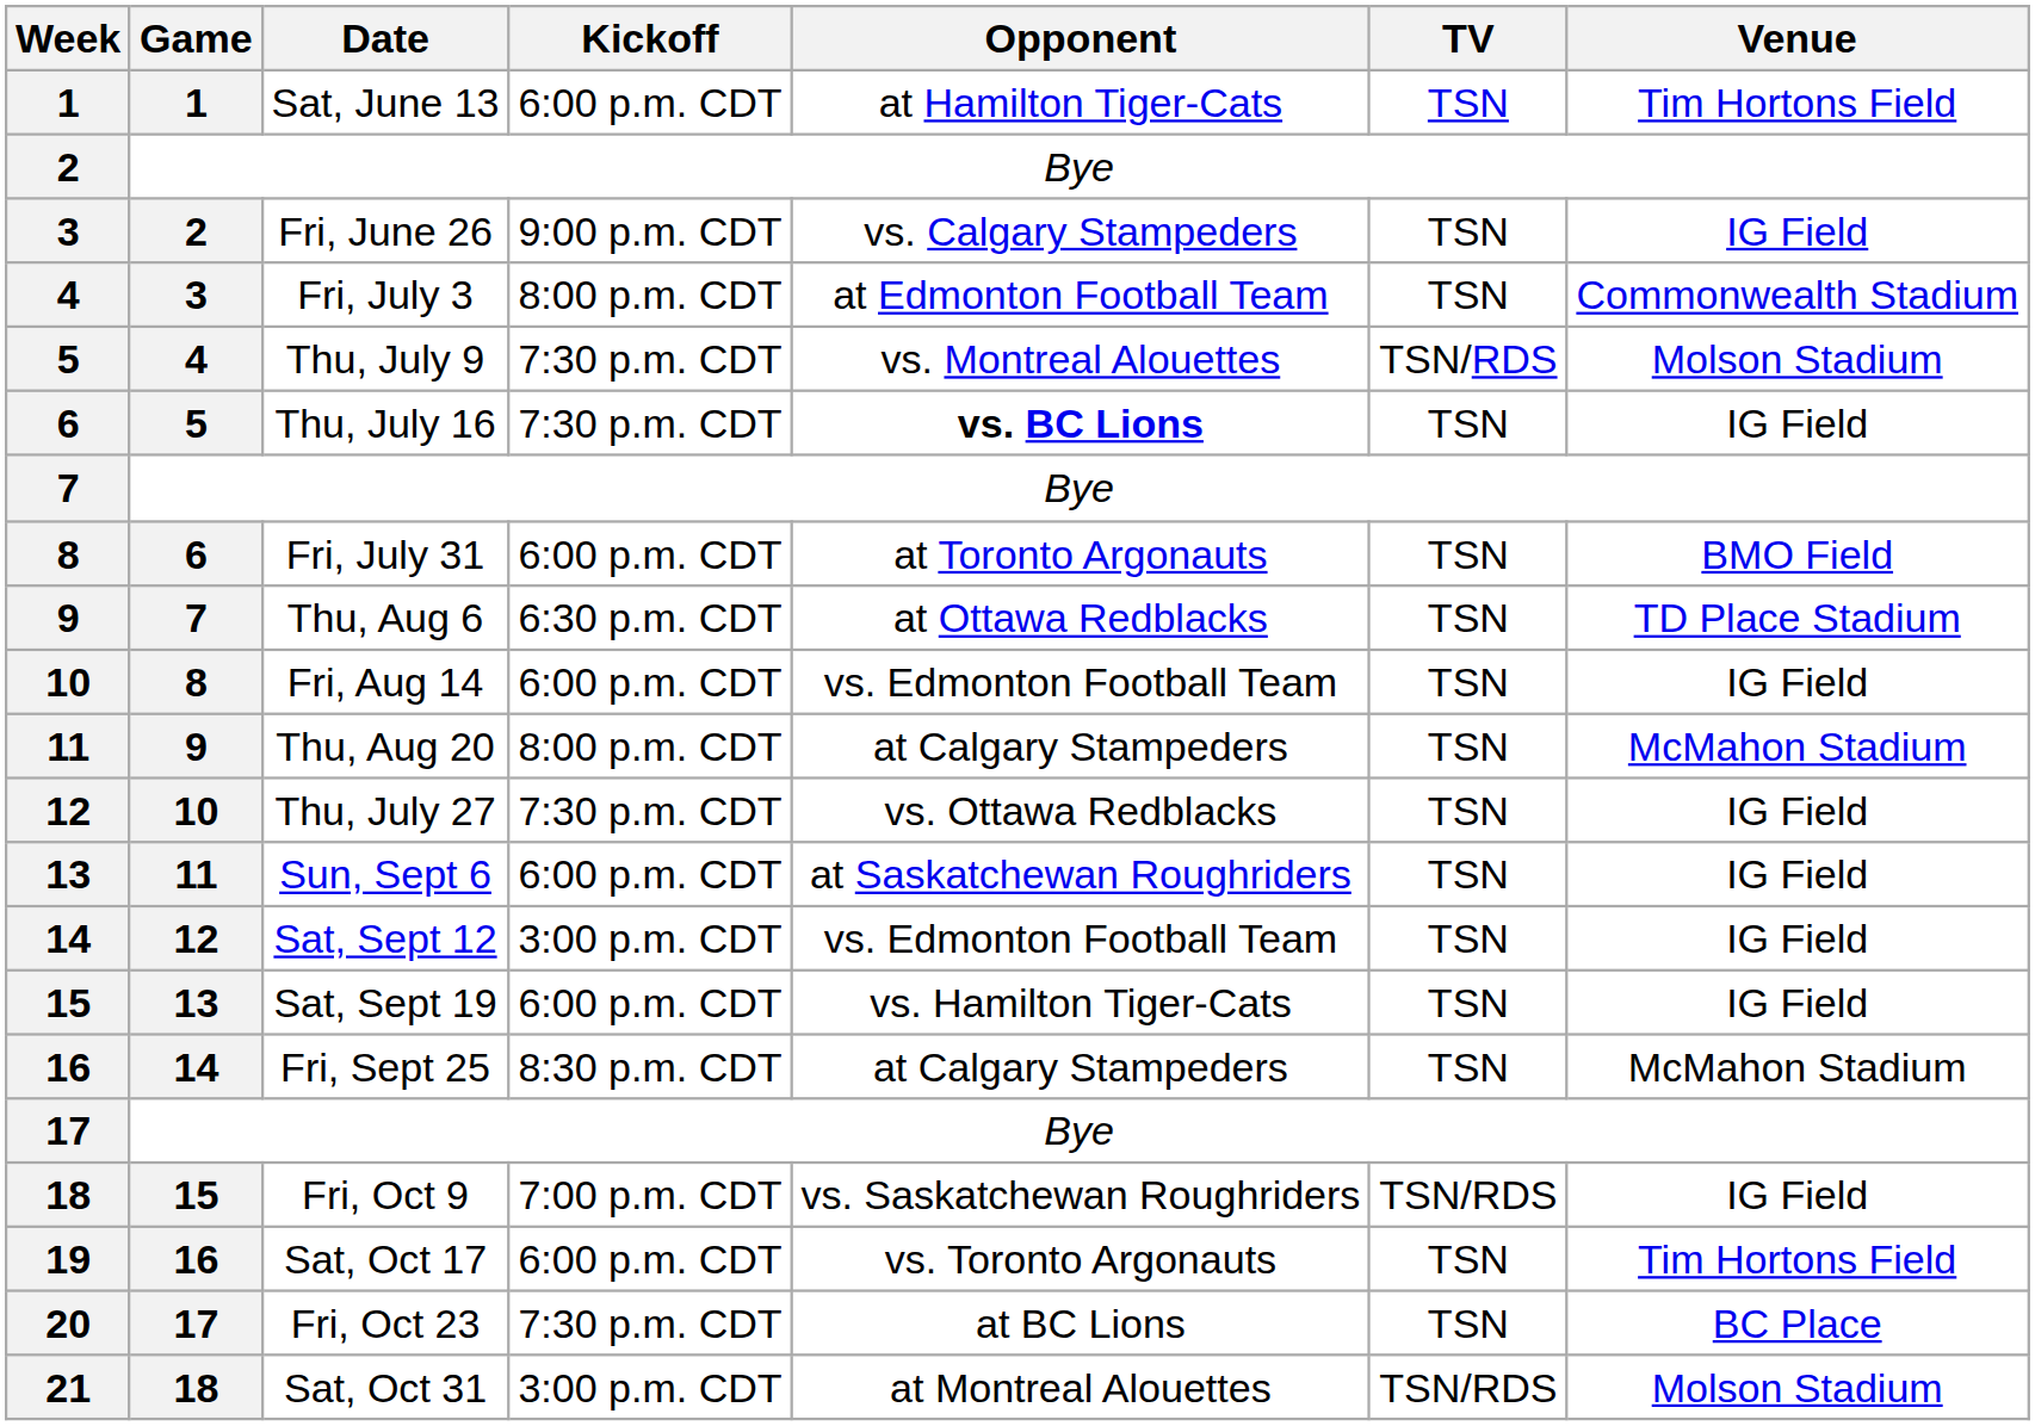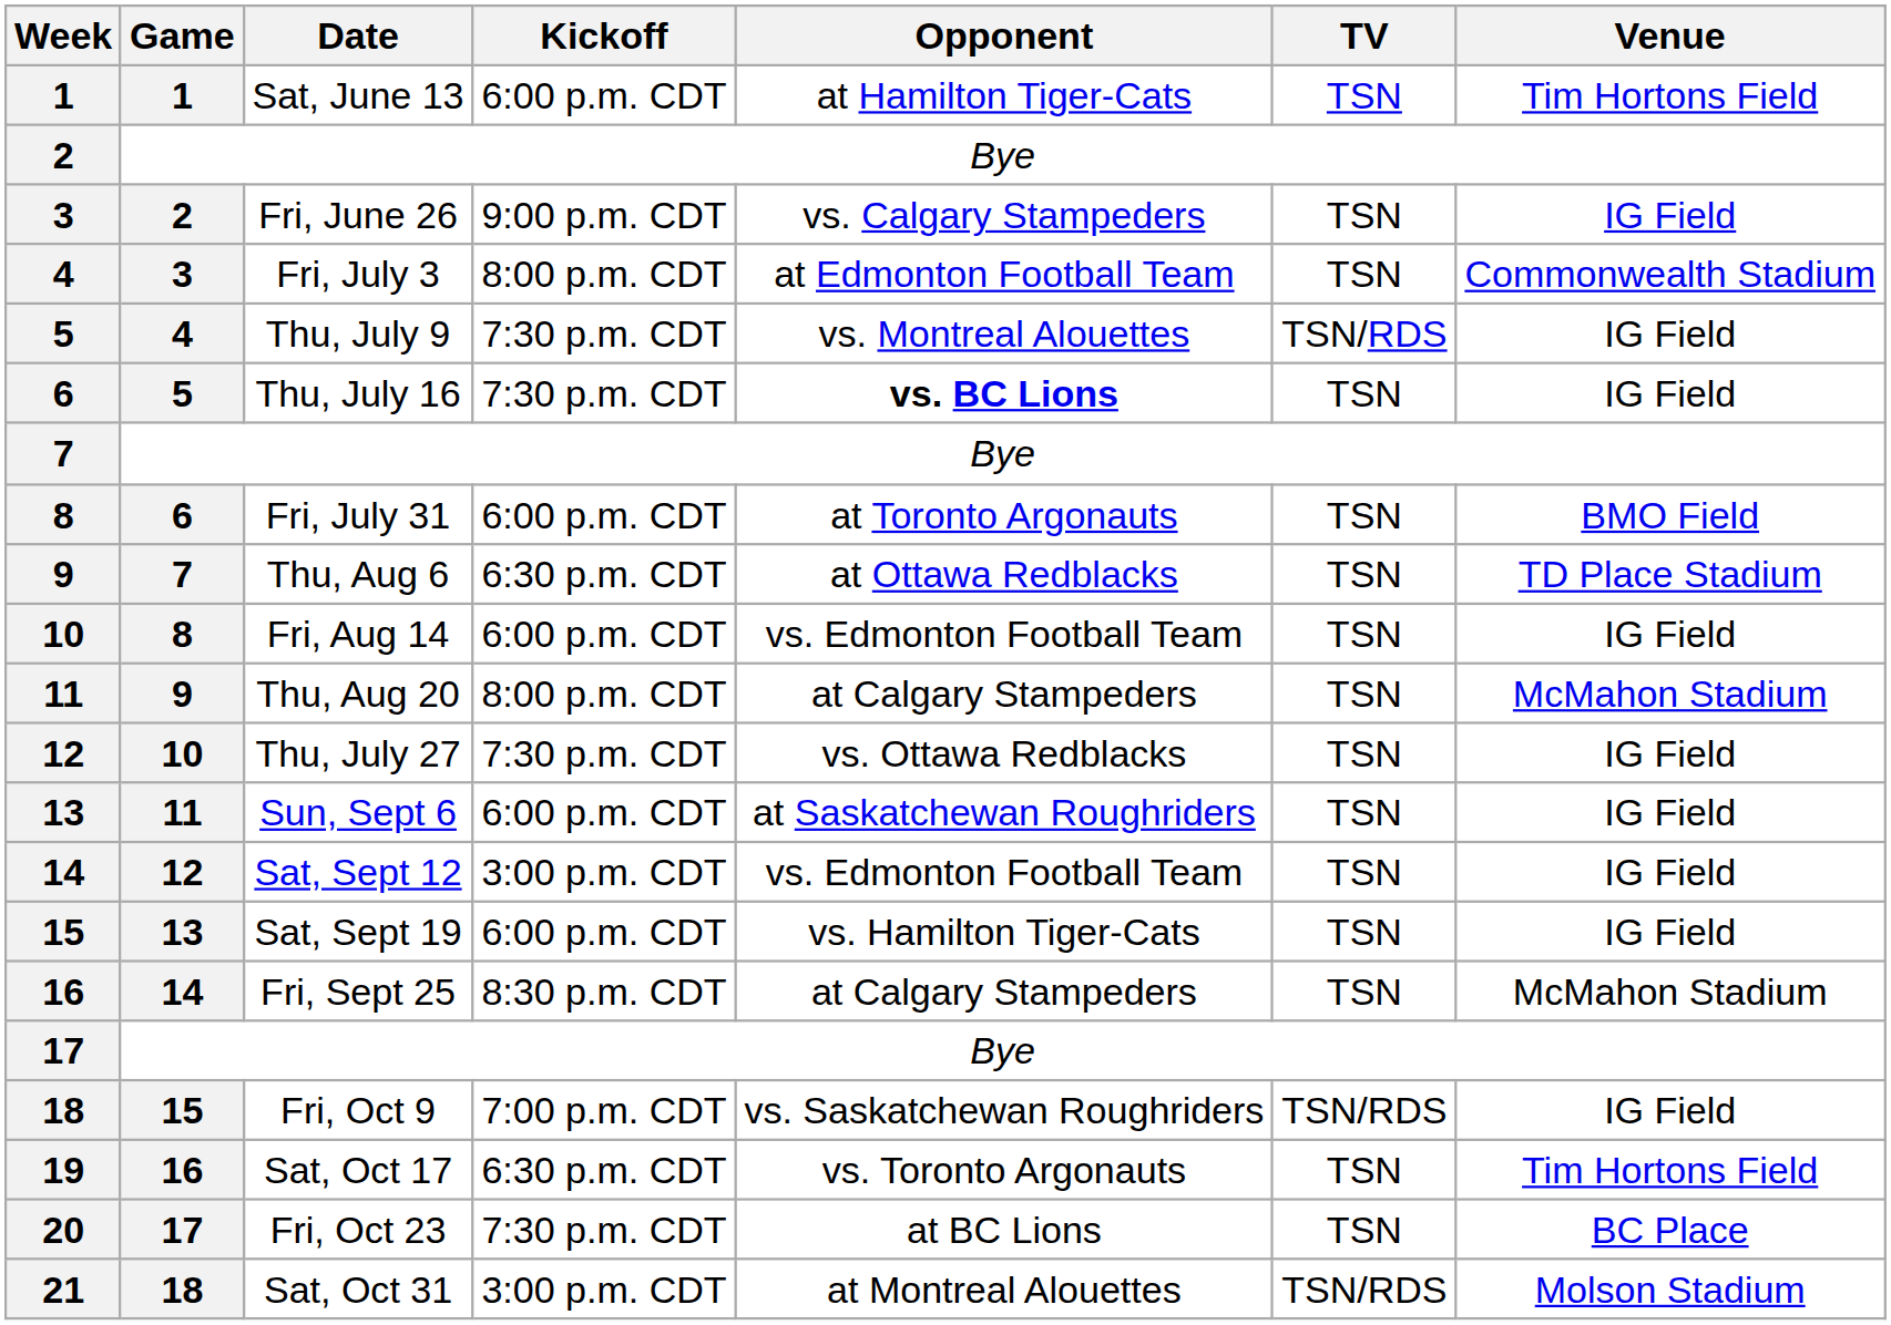 <table class="wikitable" style="font-size: 95%;">
 <tr>
 <th scope="col">Week</th>
 <th scope="col">Game</th>
 <th scope="col">Date</th>
 <th scope="col">Kickoff</th>
 <th scope="col">Opponent</th>
 <th scope="col">TV</th>
 <th scope="col">Venue</th>
 </tr>
 <tr align="center"= bgcolor="ffffff">
 <th align="center">1</th>
 <th align="center">1</th>
 <td align="center">Sat, June 13</td>
 <td align="center">6:00 p.m. CDT</td>
 <td align="center">at <a href='#'>Hamilton Tiger-Cats</a></td>
 <td align="center"><a href='#'>TSN</a></td>
 <td align="center"><a href='#'>Tim Hortons Field</a></td>
 </tr>
 <tr align="center"= bgcolor="ffffff">
 <th align="center">2</th>
 <td colspan=10 align="center" valign="middle"><em>Bye</em></td>
 </tr>
 <tr align="center"= bgcolor="ffffff">
 <th align="center">3</th>
 <th align="center">2</th>
 <td align="center">Fri, June 26</td>
 <td align="center">9:00 p.m. CDT</td>
 <td align="center">vs. <a href='#'>Calgary Stampeders</a></td>
 <td align="center">TSN</td>
 <td align="center"><a href='#'>IG Field</a></td>
 </tr>
 <tr align="center"= bgcolor="ffffff">
 <th align="center">4</th>
 <th align="center">3</th>
 <td align="center">Fri, July 3</td>
 <td align="center">8:00 p.m. CDT</td>
 <td align="center">at <a href='#'>Edmonton Football Team</a></td>
 <td align="center">TSN</td>
 <td align="center"><a href='#'>Commonwealth Stadium</a></td>
 </tr>
 <tr align="center"= bgcolor="ffffff">
 <th align="center">5</th>
 <th align="center">4</th>
 <td align="center">Thu, July 9</td>
 <td align="center">7:30 p.m. CDT</td>
 <td align="center">vs. <a href='#'>Montreal Alouettes</a></td>
 <td align="center">TSN/<a href='#'>RDS</a></td>
-<td align="center"><a href='#'>Molson Stadium</a></td>
+<td align="center">IG Field</td>
 </tr>
 <tr align="center"= bgcolor="ffffff">
 <th align="center">6</th>
 <th align="center">5</th>
 <td align="center">Thu, July 16</td>
 <td align="center">7:30 p.m. CDT</td>
 <td align="center"><strong>vs. <a href='#'>BC Lions</a></strong></td>
 <td align="center">TSN</td>
 <td align="center">IG Field</td>
 </tr>
 <tr align="center"= bgcolor="ffffff">
 <th align="center">7</th>
 <td colspan=10 align="center" valign="middle"><em>Bye</em></td>
 </tr>
 <tr align="center"= bgcolor="ffffff">
 <th align="center">8</th>
 <th align="center">6</th>
 <td align="center">Fri, July 31</td>
 <td align="center">6:00 p.m. CDT</td>
 <td align="center">at <a href='#'>Toronto Argonauts</a></td>
 <td align="center">TSN</td>
 <td align="center"><a href='#'>BMO Field</a></td>
 </tr>
 <tr align="center"= bgcolor="ffffff">
 <th align="center">9</th>
 <th align="center">7</th>
 <td align="center">Thu, Aug 6</td>
 <td align="center">6:30 p.m. CDT</td>
 <td align="center">at <a href='#'>Ottawa Redblacks</a></td>
 <td align="center">TSN</td>
 <td align="center"><a href='#'>TD Place Stadium</a></td>
 </tr>
 <tr align="center"= bgcolor="ffffff">
 <th align="center">10</th>
 <th align="center">8</th>
 <td align="center">Fri, Aug 14</td>
 <td align="center">6:00 p.m. CDT</td>
 <td align="center">vs. Edmonton Football Team</td>
 <td align="center">TSN</td>
 <td align="center">IG Field</td>
 </tr>
 <tr align="center"= bgcolor="ffffff">
 <th align="center">11</th>
 <th align="center">9</th>
 <td align="center">Thu, Aug 20</td>
 <td align="center">8:00 p.m. CDT</td>
 <td align="center">at Calgary Stampeders</td>
 <td align="center">TSN</td>
 <td align="center"><a href='#'>McMahon Stadium</a></td>
 </tr>
 <tr align="center"= bgcolor="ffffff">
 <th align="center">12</th>
 <th align="center">10</th>
 <td align="center">Thu, July 27</td>
 <td align="center">7:30 p.m. CDT</td>
 <td align="center">vs. Ottawa Redblacks</td>
 <td align="center">TSN</td>
 <td align="center">IG Field</td>
 </tr>
 <tr align="center"= bgcolor="ffffff">
 <th align="center">13</th>
 <th align="center">11</th>
 <td align="center"><a href='#'>Sun, Sept 6</a></td>
 <td align="center">6:00 p.m. CDT</td>
 <td align="center">at <a href='#'>Saskatchewan Roughriders</a></td>
 <td align="center">TSN</td>
 <td align="center">IG Field</td>
 </tr>
 <tr align="center"= bgcolor="ffffff">
 <th align="center">14</th>
 <th align="center">12</th>
 <td align="center"><a href='#'>Sat, Sept 12</a></td>
 <td align="center">3:00 p.m. CDT</td>
 <td align="center">vs. Edmonton Football Team</td>
 <td align="center">TSN</td>
 <td align="center">IG Field</td>
 </tr>
 <tr align="center"= bgcolor="ffffff">
 <th align="center">15</th>
 <th align="center">13</th>
 <td align="center">Sat, Sept 19</td>
 <td align="center">6:00 p.m. CDT</td>
 <td align="center">vs. Hamilton Tiger-Cats</td>
 <td align="center">TSN</td>
 <td align="center">IG Field</td>
 </tr>
 <tr align="center"= bgcolor="ffffff">
 <th align="center">16</th>
 <th align="center">14</th>
 <td align="center">Fri, Sept 25</td>
 <td align="center">8:30 p.m. CDT</td>
 <td align="center">at Calgary Stampeders</td>
 <td align="center">TSN</td>
 <td align="center">McMahon Stadium</td>
 </tr>
 <tr align="center"= bgcolor="ffffff">
 <th align="center">17</th>
 <td colspan=10 align="center" valign="middle"><em>Bye</em></td>
 </tr>
 <tr align="center"= bgcolor="ffffff">
 <th align="center">18</th>
 <th align="center">15</th>
 <td align="center">Fri, Oct 9</td>
 <td align="center">7:00 p.m. CDT</td>
 <td align="center">vs. Saskatchewan Roughriders</td>
 <td align="center">TSN/RDS</td>
 <td align="center">IG Field</td>
 </tr>
 <tr align="center"= bgcolor="ffffff">
 <th align="center">19</th>
 <th align="center">16</th>
 <td align="center">Sat, Oct 17</td>
-<td align="center">6:00 p.m. CDT</td>
+<td align="center">6:30 p.m. CDT</td>
 <td align="center">vs. Toronto Argonauts</td>
 <td align="center">TSN</td>
 <td align="center"><a href='#'>Tim Hortons Field</a></td>
 </tr>
 <tr align="center"= bgcolor="ffffff">
 <th align="center">20</th>
 <th align="center">17</th>
 <td align="center">Fri, Oct 23</td>
 <td align="center">7:30 p.m. CDT</td>
 <td align="center">at BC Lions</td>
 <td align="center">TSN</td>
 <td align="center"><a href='#'>BC Place</a></td>
 </tr>
 <tr align="center"= bgcolor="ffffff">
 <th align="center">21</th>
 <th align="center">18</th>
 <td align="center">Sat, Oct 31</td>
 <td align="center">3:00 p.m. CDT</td>
 <td align="center">at Montreal Alouettes</td>
 <td align="center">TSN/RDS</td>
 <td align="center"><a href='#'>Molson Stadium</a></td>
 </tr>
 </table>
